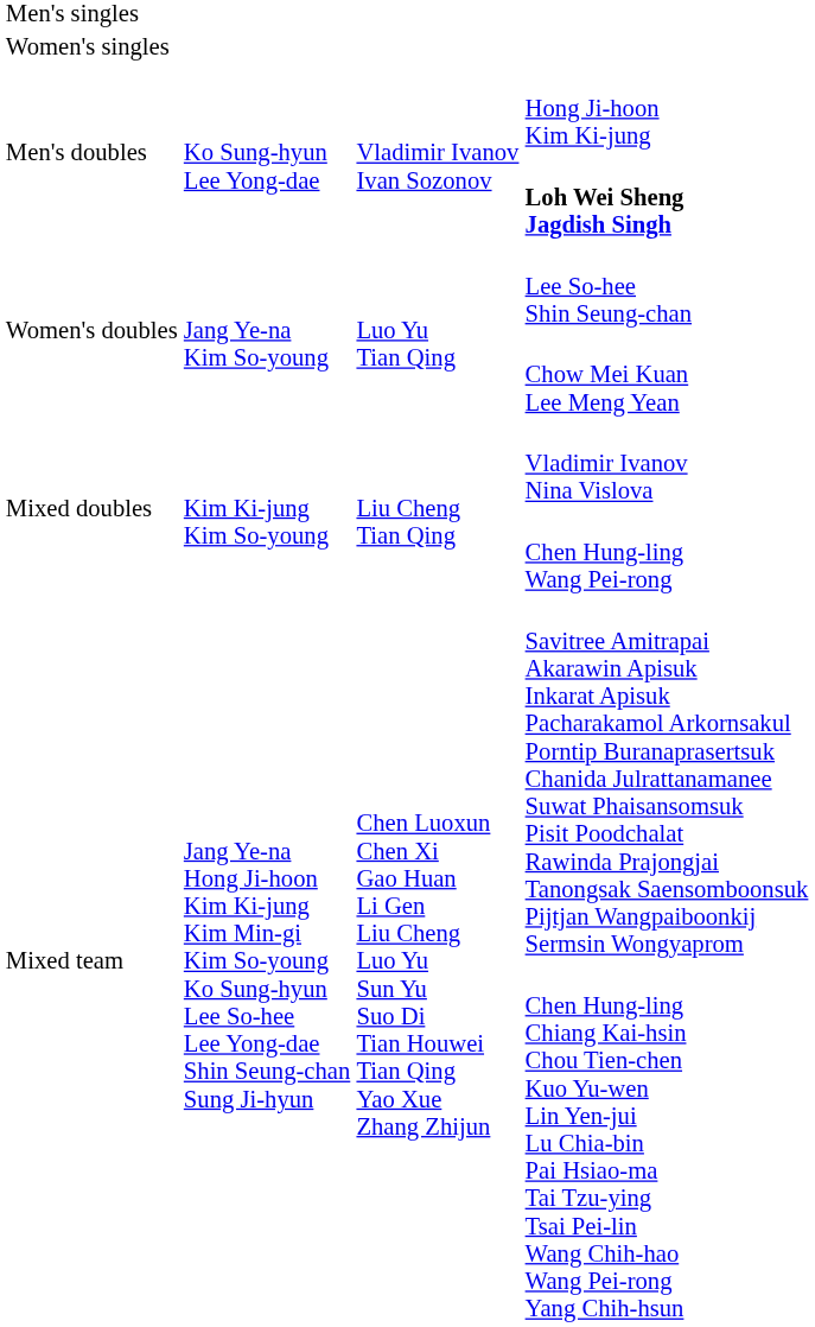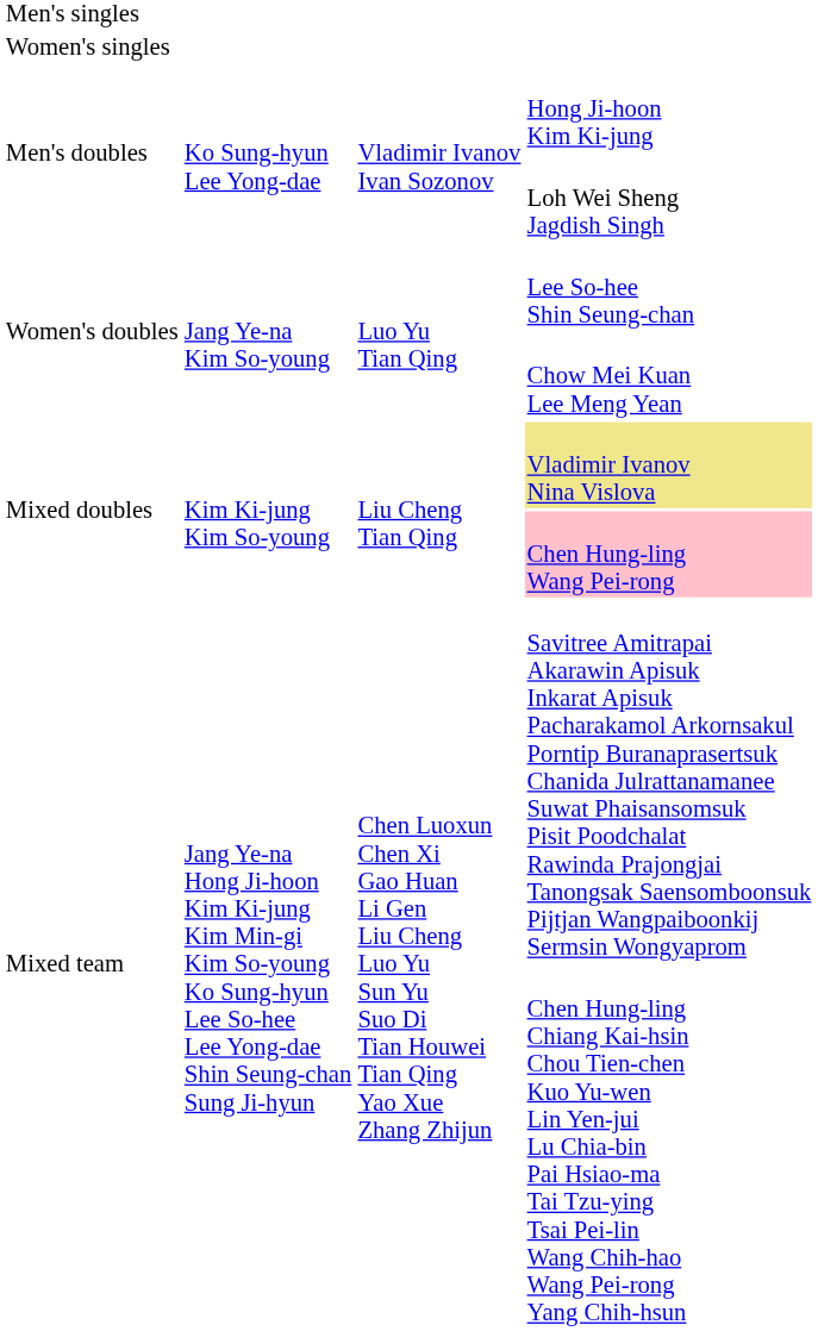 <table>
 <tr>
 <td rowspan=2>Men's singles<br></td>
 <td rowspan=2></td>
 <td rowspan=2></td>
 <td></td>
 </tr>
 <tr>
 <td></td>
 </tr>
 <tr>
 <td rowspan=2>Women's singles<br></td>
 <td rowspan=2></td>
 <td rowspan=2></td>
 <td></td>
 </tr>
 <tr>
 <td></td>
 </tr>
 <tr>
 <td rowspan=2>Men's doubles<br></td>
 <td rowspan=2><br><a href='#'>Ko Sung-hyun</a> <br><a href='#'>Lee Yong-dae</a></td>
 <td rowspan=2><br><a href='#'>Vladimir Ivanov</a> <br><a href='#'>Ivan Sozonov</a></td>
 <td><br><a href='#'>Hong Ji-hoon</a> <br><a href='#'>Kim Ki-jung</a></td>
 </tr>
 <tr>
-<td><strong><br>Loh Wei Sheng <br><a href='#'>Jagdish Singh</a></strong></td>
+<td><br>Loh Wei Sheng <br><a href='#'>Jagdish Singh</a></td>
 </tr>
 <tr>
 <td rowspan=2>Women's doubles<br></td>
 <td rowspan=2><br><a href='#'>Jang Ye-na</a> <br><a href='#'>Kim So-young</a></td>
 <td rowspan=2><br><a href='#'>Luo Yu</a> <br><a href='#'>Tian Qing</a></td>
 <td><br><a href='#'>Lee So-hee</a> <br><a href='#'>Shin Seung-chan</a></td>
 </tr>
 <tr>
 <td><br><a href='#'>Chow Mei Kuan</a> <br><a href='#'>Lee Meng Yean</a></td>
 </tr>
 <tr>
 <td rowspan=2>Mixed doubles<br></td>
 <td rowspan=2><br><a href='#'>Kim Ki-jung</a> <br><a href='#'>Kim So-young</a></td>
 <td rowspan=2><br><a href='#'>Liu Cheng</a> <br><a href='#'>Tian Qing</a></td>
-<td><br><a href='#'>Vladimir Ivanov</a> <br><a href='#'>Nina Vislova</a></td>
+<td style="background: khaki;"><br><a href='#'>Vladimir Ivanov</a> <br><a href='#'>Nina Vislova</a></td>
 </tr>
 <tr>
-<td><br><a href='#'>Chen Hung-ling</a> <br><a href='#'>Wang Pei-rong</a></td>
+<td style="background: pink;"><br><a href='#'>Chen Hung-ling</a> <br><a href='#'>Wang Pei-rong</a></td>
 </tr>
 <tr>
 <td rowspan=2>Mixed team<br></td>
 <td rowspan=2><br><a href='#'>Jang Ye-na</a> <br><a href='#'>Hong Ji-hoon</a><br><a href='#'>Kim Ki-jung</a><br><a href='#'>Kim Min-gi</a><br><a href='#'>Kim So-young</a><br><a href='#'>Ko Sung-hyun</a><br><a href='#'>Lee So-hee</a><br><a href='#'>Lee Yong-dae</a><br><a href='#'>Shin Seung-chan</a><br><a href='#'>Sung Ji-hyun</a></td>
 <td rowspan=2><br><a href='#'>Chen Luoxun</a> <br><a href='#'>Chen Xi</a><br><a href='#'>Gao Huan</a><br><a href='#'>Li Gen</a><br><a href='#'>Liu Cheng</a><br><a href='#'>Luo Yu</a><br><a href='#'>Sun Yu</a><br><a href='#'>Suo Di</a><br><a href='#'>Tian Houwei</a><br><a href='#'>Tian Qing</a><br><a href='#'>Yao Xue</a><br><a href='#'>Zhang Zhijun</a></td>
 <td><br><a href='#'>Savitree Amitrapai</a> <br><a href='#'>Akarawin Apisuk</a><br><a href='#'>Inkarat Apisuk</a><br><a href='#'>Pacharakamol Arkornsakul</a><br><a href='#'>Porntip Buranaprasertsuk</a><br><a href='#'>Chanida Julrattanamanee</a><br><a href='#'>Suwat Phaisansomsuk</a><br><a href='#'>Pisit Poodchalat</a><br><a href='#'>Rawinda Prajongjai</a><br><a href='#'>Tanongsak Saensomboonsuk</a><br><a href='#'>Pijtjan Wangpaiboonkij</a> <br><a href='#'>Sermsin Wongyaprom</a></td>
 </tr>
 <tr>
 <td><br><a href='#'>Chen Hung-ling</a> <br><a href='#'>Chiang Kai-hsin</a><br><a href='#'>Chou Tien-chen</a><br><a href='#'>Kuo Yu-wen</a><br><a href='#'>Lin Yen-jui</a><br><a href='#'>Lu Chia-bin</a><br><a href='#'>Pai Hsiao-ma</a><br><a href='#'>Tai Tzu-ying</a><br><a href='#'>Tsai Pei-lin</a><br><a href='#'>Wang Chih-hao</a><br><a href='#'>Wang Pei-rong</a><br><a href='#'>Yang Chih-hsun</a></td>
 </tr>
 </table>
